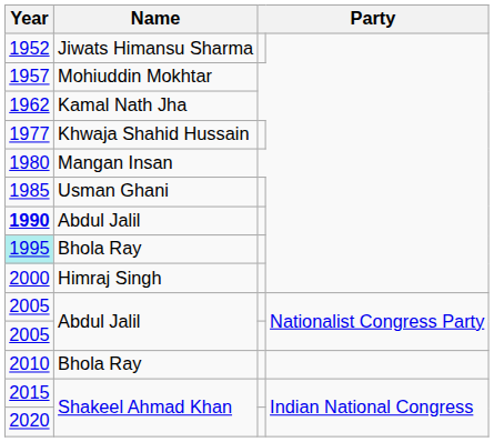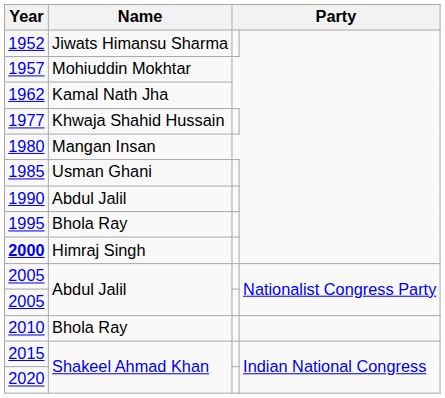 <table class="wikitable sortable">
 <tr>
 <th>Year</th>
 <th>Name</th>
 <th colspan="2">Party</th>
 </tr>
 <tr>
 <td><a href='#'>1952</a></td>
 <td>Jiwats Himansu Sharma</td>
 <td></td>
 </tr>
 <tr>
 <td><a href='#'>1957</a></td>
 <td>Mohiuddin Mokhtar</td>
 </tr>
 <tr>
 <td><a href='#'>1962</a></td>
 <td>Kamal Nath Jha</td>
 </tr>
 <tr>
 <td><a href='#'>1977</a></td>
 <td>Khwaja Shahid Hussain</td>
 <td></td>
 </tr>
 <tr>
 <td><a href='#'>1980</a></td>
 <td>Mangan Insan</td>
 </tr>
 <tr>
 <td><a href='#'>1985</a></td>
 <td>Usman Ghani</td>
 <td></td>
 </tr>
 <tr>
-<td><strong><a href='#'>1990</a></strong></td>
+<td><a href='#'>1990</a></td>
 <td>Abdul Jalil</td>
 <td></td>
 </tr>
 <tr>
-<td style="background: paleturquoise;"><a href='#'>1995</a></td>
+<td><a href='#'>1995</a></td>
 <td>Bhola Ray</td>
 <td></td>
 </tr>
 <tr>
-<td><a href='#'>2000</a></td>
+<td><strong><a href='#'>2000</a></strong></td>
 <td>Himraj Singh</td>
 <td></td>
 </tr>
 <tr>
 <td><a href='#'>2005</a></td>
 <td rowspan="2">Abdul Jalil</td>
 <td style="background-color: "></td>
 <td rowspan="2"><a href='#'>Nationalist Congress Party</a></td>
 </tr>
 <tr>
 <td><a href='#'>2005</a></td>
 </tr>
 <tr>
 <td><a href='#'>2010</a></td>
 <td>Bhola Ray</td>
 <td></td>
 </tr>
 <tr>
 <td><a href='#'>2015</a></td>
 <td rowspan="2"><a href='#'>Shakeel Ahmad Khan</a></td>
 <td style="background-color: "></td>
 <td rowspan="2"><a href='#'>Indian National Congress</a></td>
 </tr>
 <tr>
 <td><a href='#'>2020</a></td>
 </tr>
 </table>
